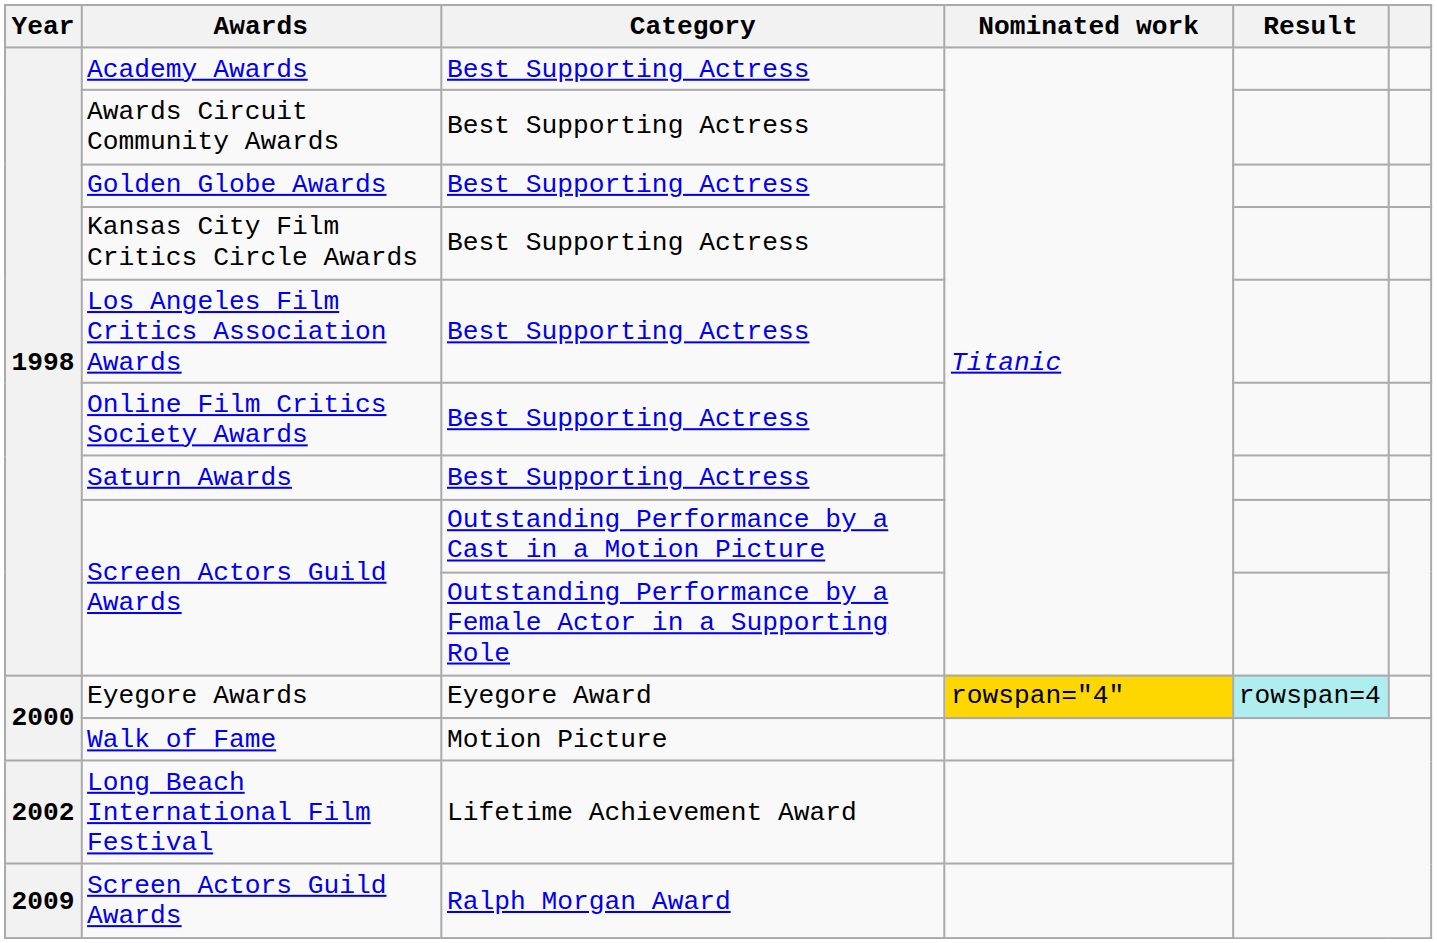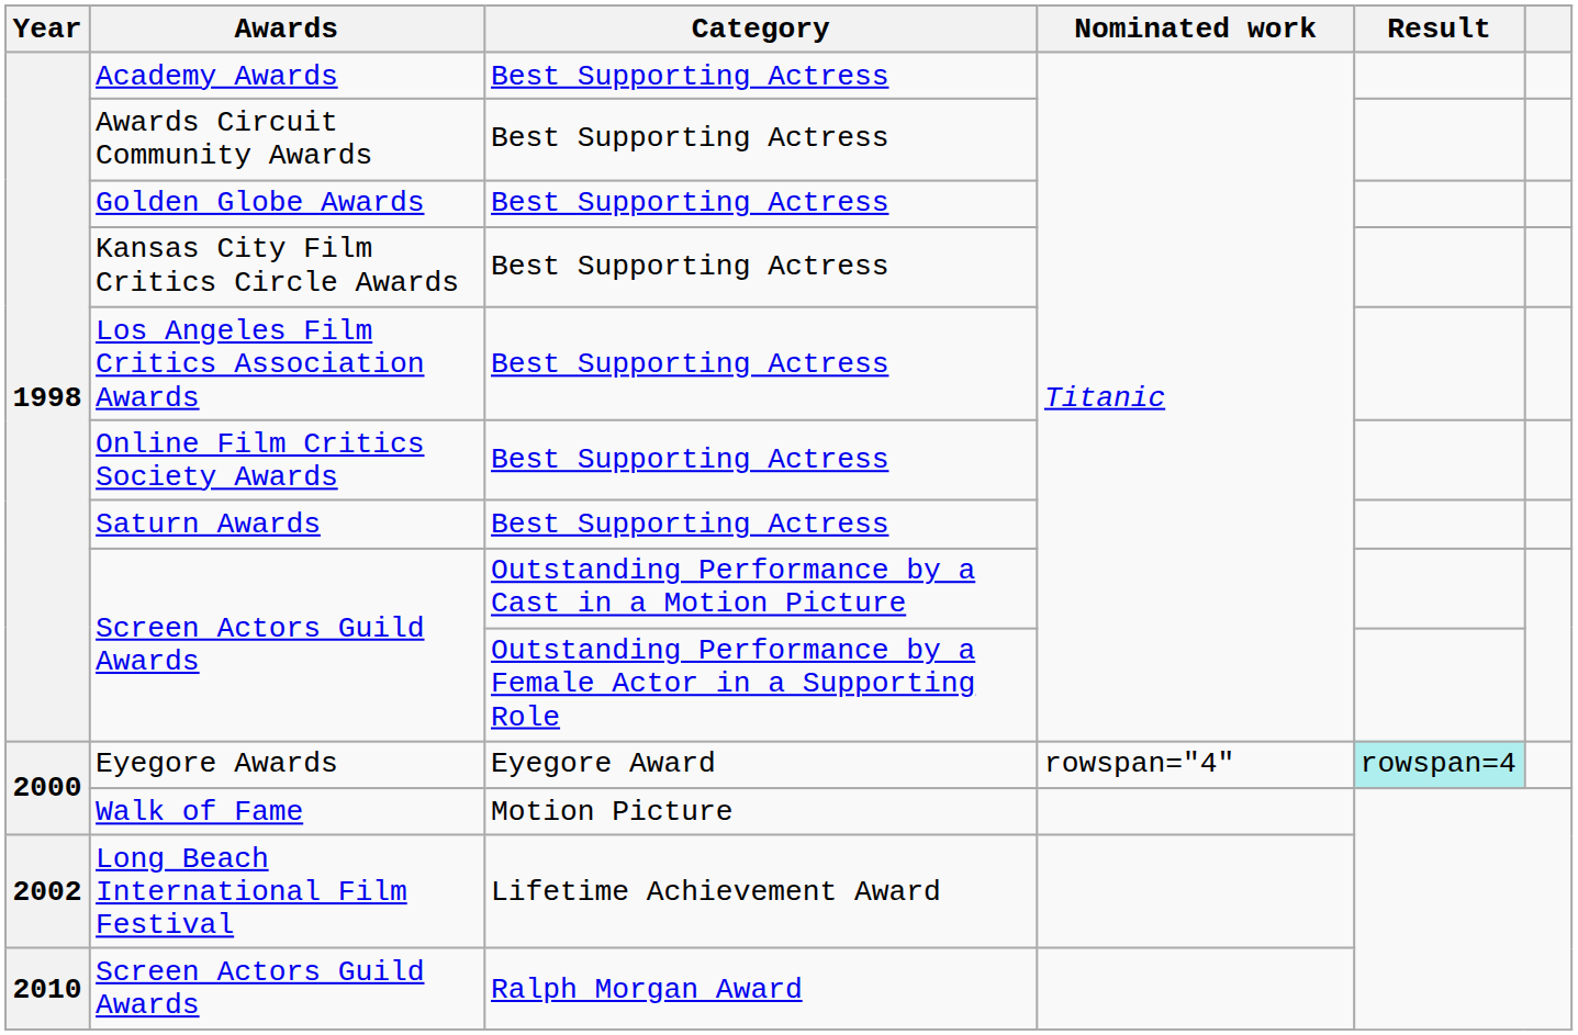 <table class="wikitable plainrowheaders" style="width:80%;">
 <tr>
 <th width=2%>Year</th>
 <th width=25%>Awards</th>
 <th style="width:35%;">Category</th>
 <th style="width:20%;">Nominated work</th>
 <th style="width:10%;">Result</th>
 <th width=3%></th>
 </tr>
 <tr>
 <th rowspan="9" scope="row">1998</th>
 <td><a href='#'>Academy Awards</a></td>
 <td><a href='#'>Best Supporting Actress</a></td>
 <td rowspan="9"><em><a href='#'>Titanic</a></em></td>
 <td></td>
 <td align="center"></td>
 </tr>
 <tr>
 <td>Awards Circuit Community Awards</td>
 <td>Best Supporting Actress</td>
 <td></td>
 <td align="center"></td>
 </tr>
 <tr>
 <td><a href='#'>Golden Globe Awards</a></td>
 <td><a href='#'>Best Supporting Actress</a></td>
 <td></td>
 <td align="center"></td>
 </tr>
 <tr>
 <td>Kansas City Film Critics Circle Awards</td>
 <td>Best Supporting Actress</td>
 <td></td>
 <td align="center"></td>
 </tr>
 <tr>
 <td><a href='#'>Los Angeles Film Critics Association Awards</a></td>
 <td><a href='#'>Best Supporting Actress</a></td>
 <td></td>
 <td align=center></td>
 </tr>
 <tr>
 <td><a href='#'>Online Film Critics Society Awards</a></td>
 <td><a href='#'>Best Supporting Actress</a></td>
 <td></td>
 <td align=center></td>
 </tr>
 <tr>
 <td><a href='#'>Saturn Awards</a></td>
 <td><a href='#'>Best Supporting Actress</a></td>
 <td></td>
 <td align="center"></td>
 </tr>
 <tr>
 <td rowspan="2"><a href='#'>Screen Actors Guild Awards</a></td>
 <td><a href='#'>Outstanding Performance by a Cast in a Motion Picture</a></td>
 <td></td>
 <td align="center" rowspan="2"></td>
 </tr>
 <tr>
 <td><a href='#'>Outstanding Performance by a Female Actor in a Supporting Role</a></td>
 <td></td>
 </tr>
 <tr>
 <th rowspan="2" scope="row">2000</th>
 <td>Eyegore Awards</td>
 <td>Eyegore Award</td>
-<td style="background: gold;">rowspan="4" </td>
+<td>rowspan="4" </td>
 <td style="background: paleturquoise;">rowspan=4 </td>
 <td align="center"></td>
 </tr>
 <tr>
 <td><a href='#'>Walk of Fame</a></td>
 <td>Motion Picture</td>
 <td align="center"></td>
 </tr>
 <tr>
 <th scope="row">2002</th>
 <td><a href='#'>Long Beach International Film Festival</a></td>
 <td>Lifetime Achievement Award</td>
 <td align="center"></td>
 </tr>
 <tr>
-<th scope="row">2009</th>
+<th scope="row">2010</th>
 <td><a href='#'>Screen Actors Guild Awards</a></td>
 <td><a href='#'>Ralph Morgan Award</a></td>
 <td align="center"></td>
 </tr>
 <tr>
 </tr>
 </table>
